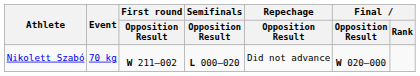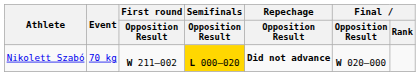 <table class="wikitable" style="font-size:90%">
 <tr>
 <th rowspan="2">Athlete</th>
 <th rowspan="2">Event</th>
 <th>First round</th>
 <th>Semifinals</th>
 <th>Repechage</th>
 <th colspan=2>Final / </th>
 </tr>
 <tr style="font-size:95%">
 <th>Opposition<br>Result</th>
 <th>Opposition<br>Result</th>
 <th>Opposition<br>Result</th>
 <th>Opposition<br>Result</th>
 <th>Rank</th>
 </tr>
 <tr align=center>
 <td align=left><a href='#'>Nikolett Szabó</a></td>
 <td align=left><a href='#'>70 kg</a></td>
 <td><br><strong>W</strong> 211–002</td>
-<td><br><strong>L</strong> 000–020</td>
-<td>Did not advance</td>
+<td style="background: gold;"><br><strong>L</strong> 000–020</td>
+<td><strong>Did not advance</strong></td>
 <td><br><strong>W</strong> 020–000</td>
 <td></td>
 </tr>
 </table>
